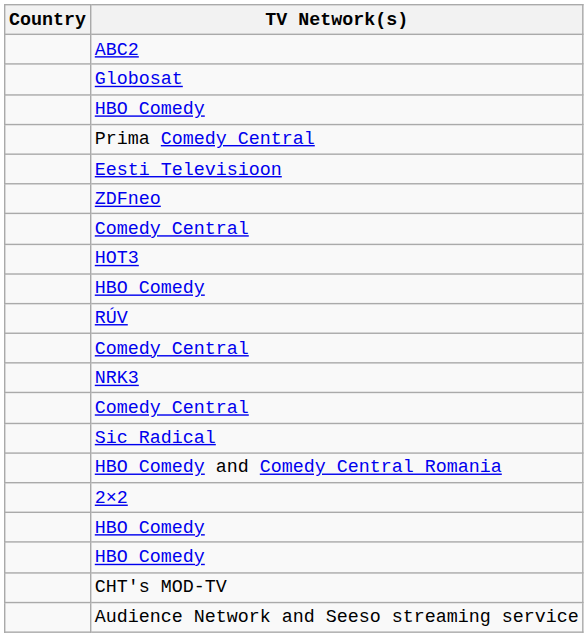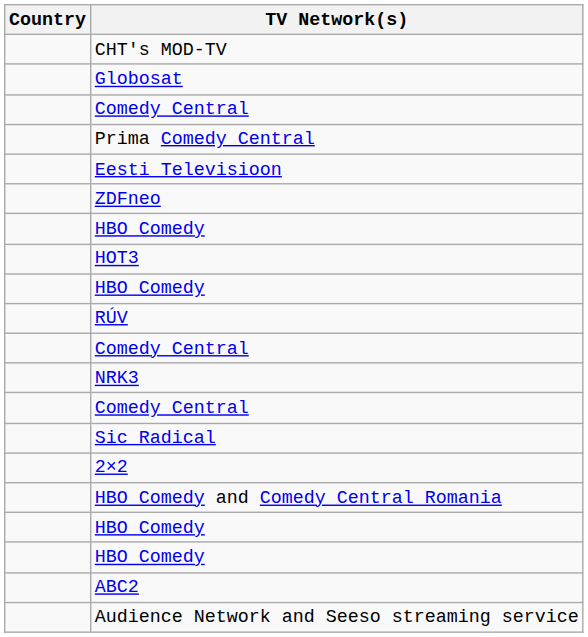 <table class="wikitable">
 <tr>
 <th>Country</th>
 <th>TV Network(s)</th>
 </tr>
 <tr>
 <td></td>
-<td><a href='#'>ABC2</a></td>
+<td>CHT's MOD-TV</td>
 </tr>
 <tr>
 <td></td>
 <td><a href='#'>Globosat</a></td>
 </tr>
 <tr>
 <td></td>
-<td><a href='#'>HBO Comedy</a></td>
+<td><a href='#'>Comedy Central</a></td>
 </tr>
 <tr>
 <td></td>
 <td>Prima <a href='#'>Comedy Central</a></td>
 </tr>
 <tr>
 <td></td>
 <td><a href='#'>Eesti Televisioon</a></td>
 </tr>
 <tr>
 <td></td>
 <td><a href='#'>ZDFneo</a></td>
 </tr>
 <tr>
 <td></td>
-<td><a href='#'>Comedy Central</a></td>
+<td><a href='#'>HBO Comedy</a></td>
 </tr>
 <tr>
 <td></td>
 <td><a href='#'>HOT3</a></td>
 </tr>
 <tr>
 <td></td>
 <td><a href='#'>HBO Comedy</a></td>
 </tr>
 <tr>
 <td></td>
 <td><a href='#'>RÚV</a></td>
 </tr>
 <tr>
 <td></td>
 <td><a href='#'>Comedy Central</a></td>
 </tr>
 <tr>
 <td></td>
 <td><a href='#'>NRK3</a></td>
 </tr>
 <tr>
 <td></td>
 <td><a href='#'>Comedy Central</a></td>
 </tr>
 <tr>
 <td></td>
 <td><a href='#'>Sic Radical</a></td>
 </tr>
 <tr>
 <td></td>
-<td><a href='#'>HBO Comedy</a> and <a href='#'>Comedy Central Romania</a></td>
+<td><a href='#'>2×2</a></td>
 </tr>
 <tr>
 <td></td>
-<td><a href='#'>2×2</a></td>
+<td><a href='#'>HBO Comedy</a> and <a href='#'>Comedy Central Romania</a></td>
 </tr>
 <tr>
 <td></td>
 <td><a href='#'>HBO Comedy</a></td>
 </tr>
 <tr>
 <td></td>
 <td><a href='#'>HBO Comedy</a></td>
 </tr>
 <tr>
 <td></td>
-<td>CHT's MOD-TV</td>
+<td><a href='#'>ABC2</a></td>
 </tr>
 <tr>
 <td></td>
 <td>Audience Network and Seeso streaming service</td>
 </tr>
 </table>
